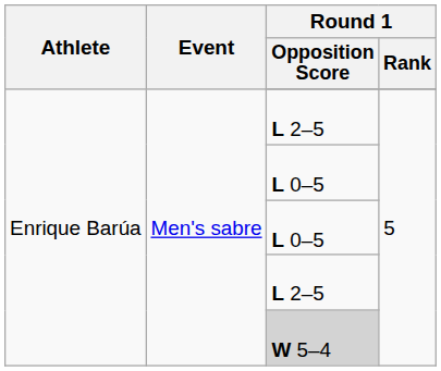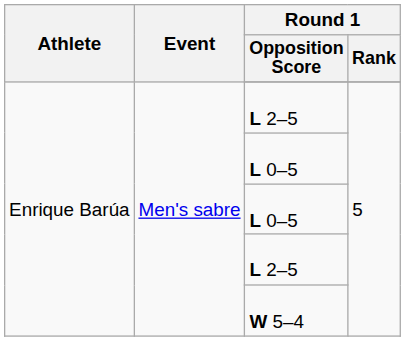 <table class="wikitable" style="text-align:left; font-size:90%">
 <tr>
 <th rowspan=2>Athlete</th>
 <th rowspan=2>Event</th>
 <th colspan=2>Round 1</th>
 </tr>
 <tr style="font-size:95%">
 <th>Opposition <br> Score</th>
 <th>Rank</th>
 </tr>
 <tr align=center>
 <td align=left rowspan=6>Enrique Barúa</td>
 <td rowspan=6><a href='#'>Men's sabre</a></td>
 </tr>
 <tr>
 <td><br><strong>L</strong> 2–5</td>
 <td rowspan=6>5</td>
 </tr>
 <tr>
 <td><br><strong>L</strong> 0–5</td>
 </tr>
 <tr>
 <td><br><strong>L</strong> 0–5</td>
 </tr>
 <tr>
 <td><br><strong>L</strong> 2–5</td>
 </tr>
 <tr>
-<td style="background: lightgrey;"><br><strong>W</strong> 5–4</td>
+<td><br><strong>W</strong> 5–4</td>
 </tr>
 </table>
